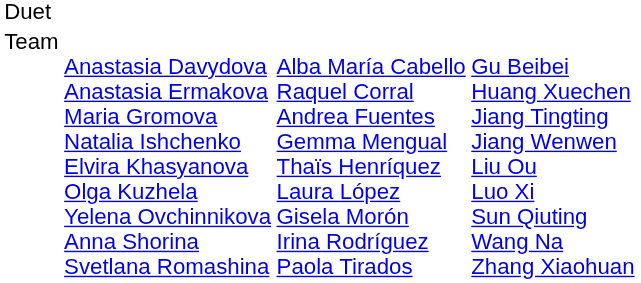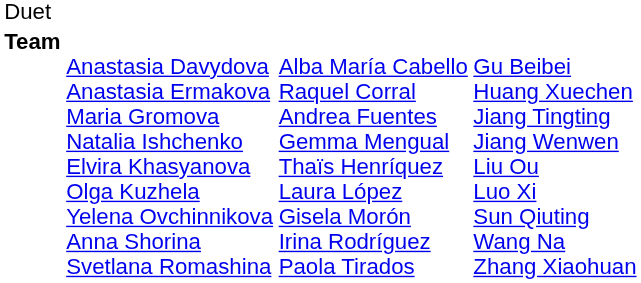 <table>
 <tr valign="top">
 <td>Duet<br></td>
 <td></td>
 <td></td>
 <td></td>
 </tr>
 <tr valign="top">
-<td>Team<br></td>
+<td><strong>Team<br></strong></td>
 <td><br><a href='#'>Anastasia Davydova</a><br><a href='#'>Anastasia Ermakova</a><br><a href='#'>Maria Gromova</a><br><a href='#'>Natalia Ishchenko</a><br><a href='#'>Elvira Khasyanova</a><br><a href='#'>Olga Kuzhela</a><br><a href='#'>Yelena Ovchinnikova</a><br><a href='#'>Anna Shorina</a><br><a href='#'>Svetlana Romashina</a></td>
 <td><br><a href='#'>Alba María Cabello</a><br><a href='#'>Raquel Corral</a><br><a href='#'>Andrea Fuentes</a><br><a href='#'>Gemma Mengual</a><br><a href='#'>Thaïs Henríquez</a><br><a href='#'>Laura López</a><br><a href='#'>Gisela Morón</a><br><a href='#'>Irina Rodríguez</a><br><a href='#'>Paola Tirados</a></td>
 <td><br><a href='#'>Gu Beibei</a><br><a href='#'>Huang Xuechen</a><br><a href='#'>Jiang Tingting</a><br><a href='#'>Jiang Wenwen</a><br><a href='#'>Liu Ou</a><br><a href='#'>Luo Xi</a><br><a href='#'>Sun Qiuting</a><br> <a href='#'>Wang Na</a><br><a href='#'>Zhang Xiaohuan</a></td>
 </tr>
 </table>
